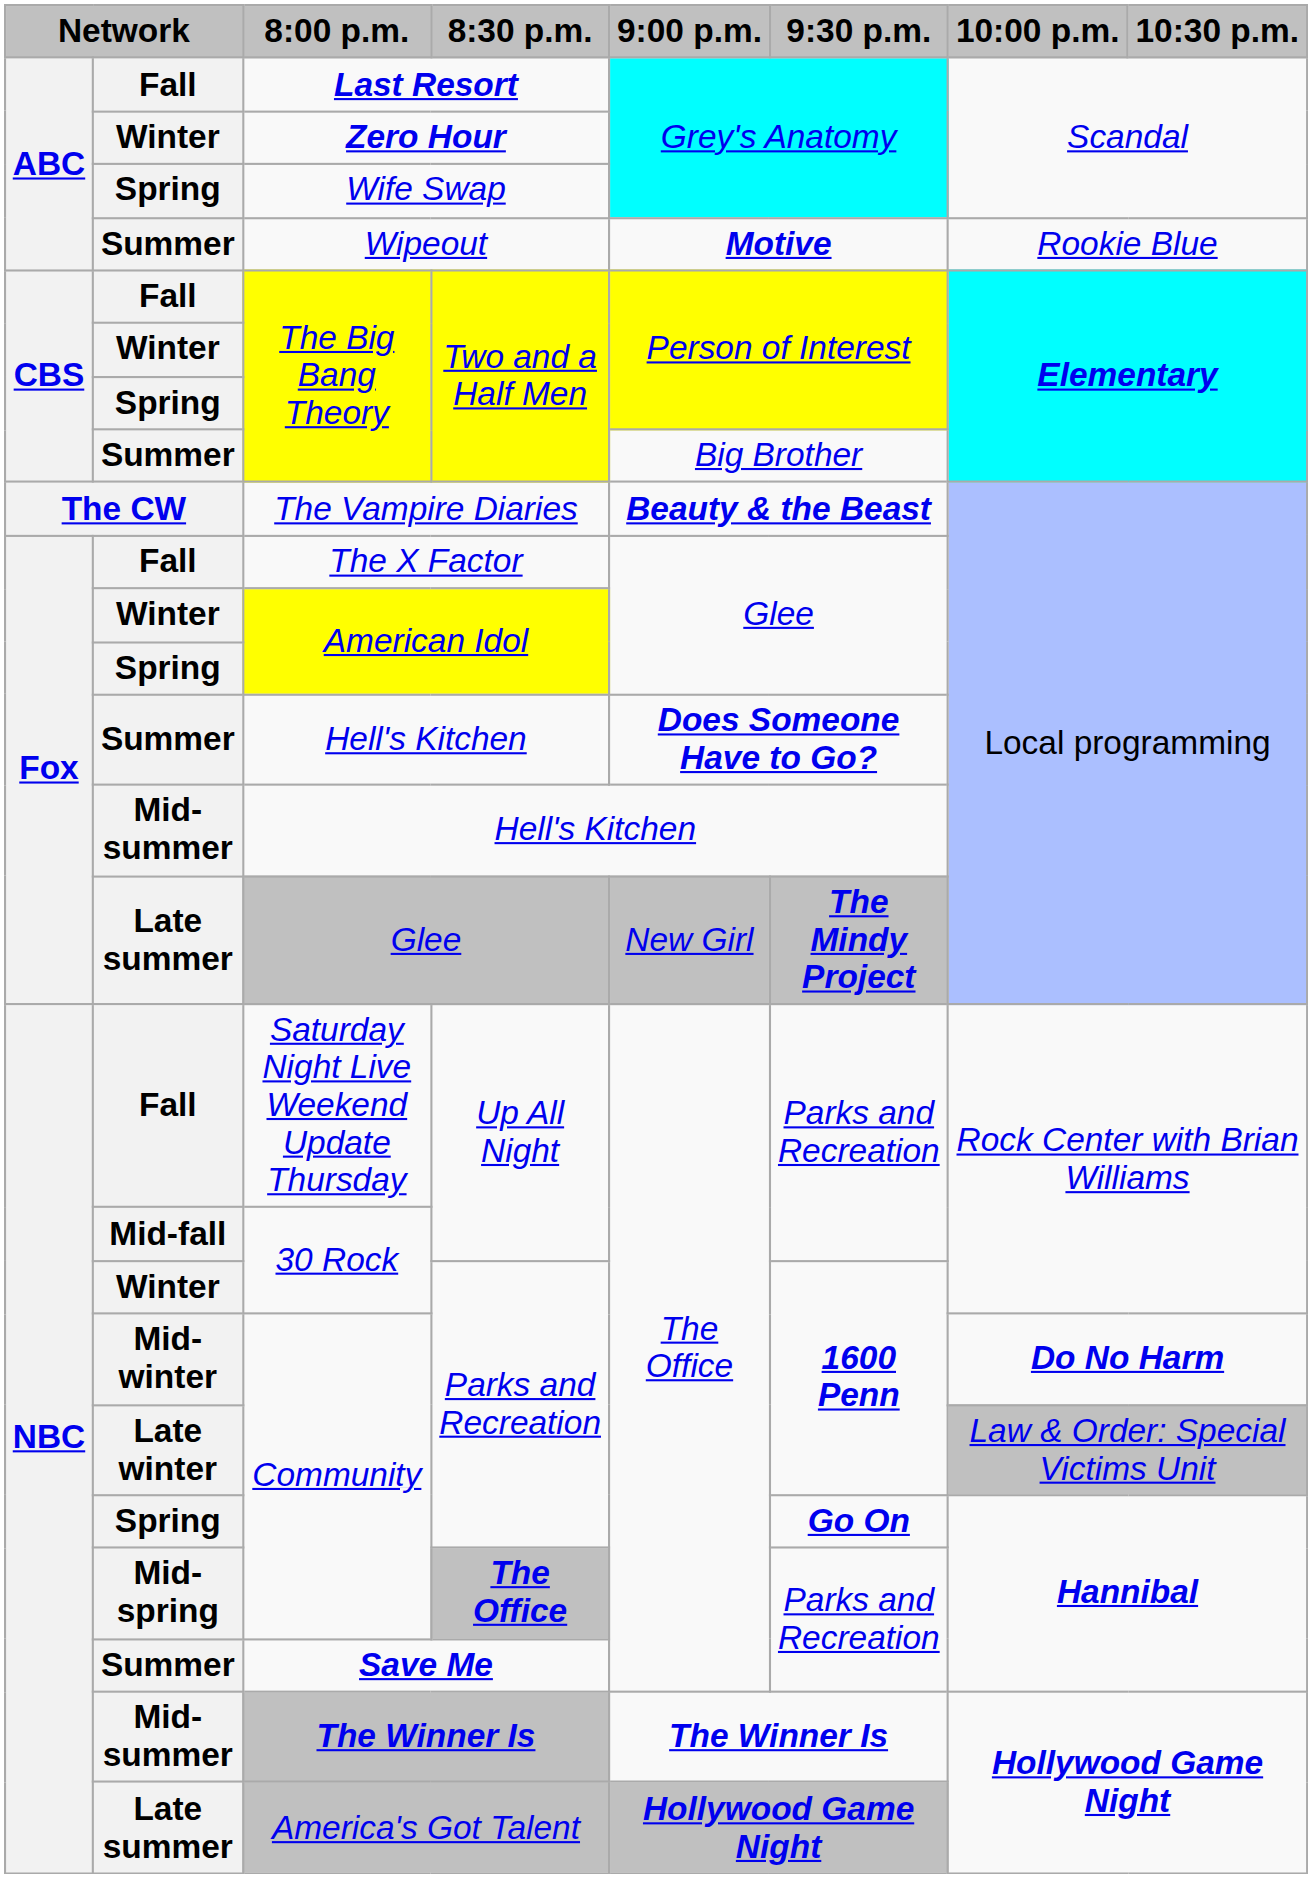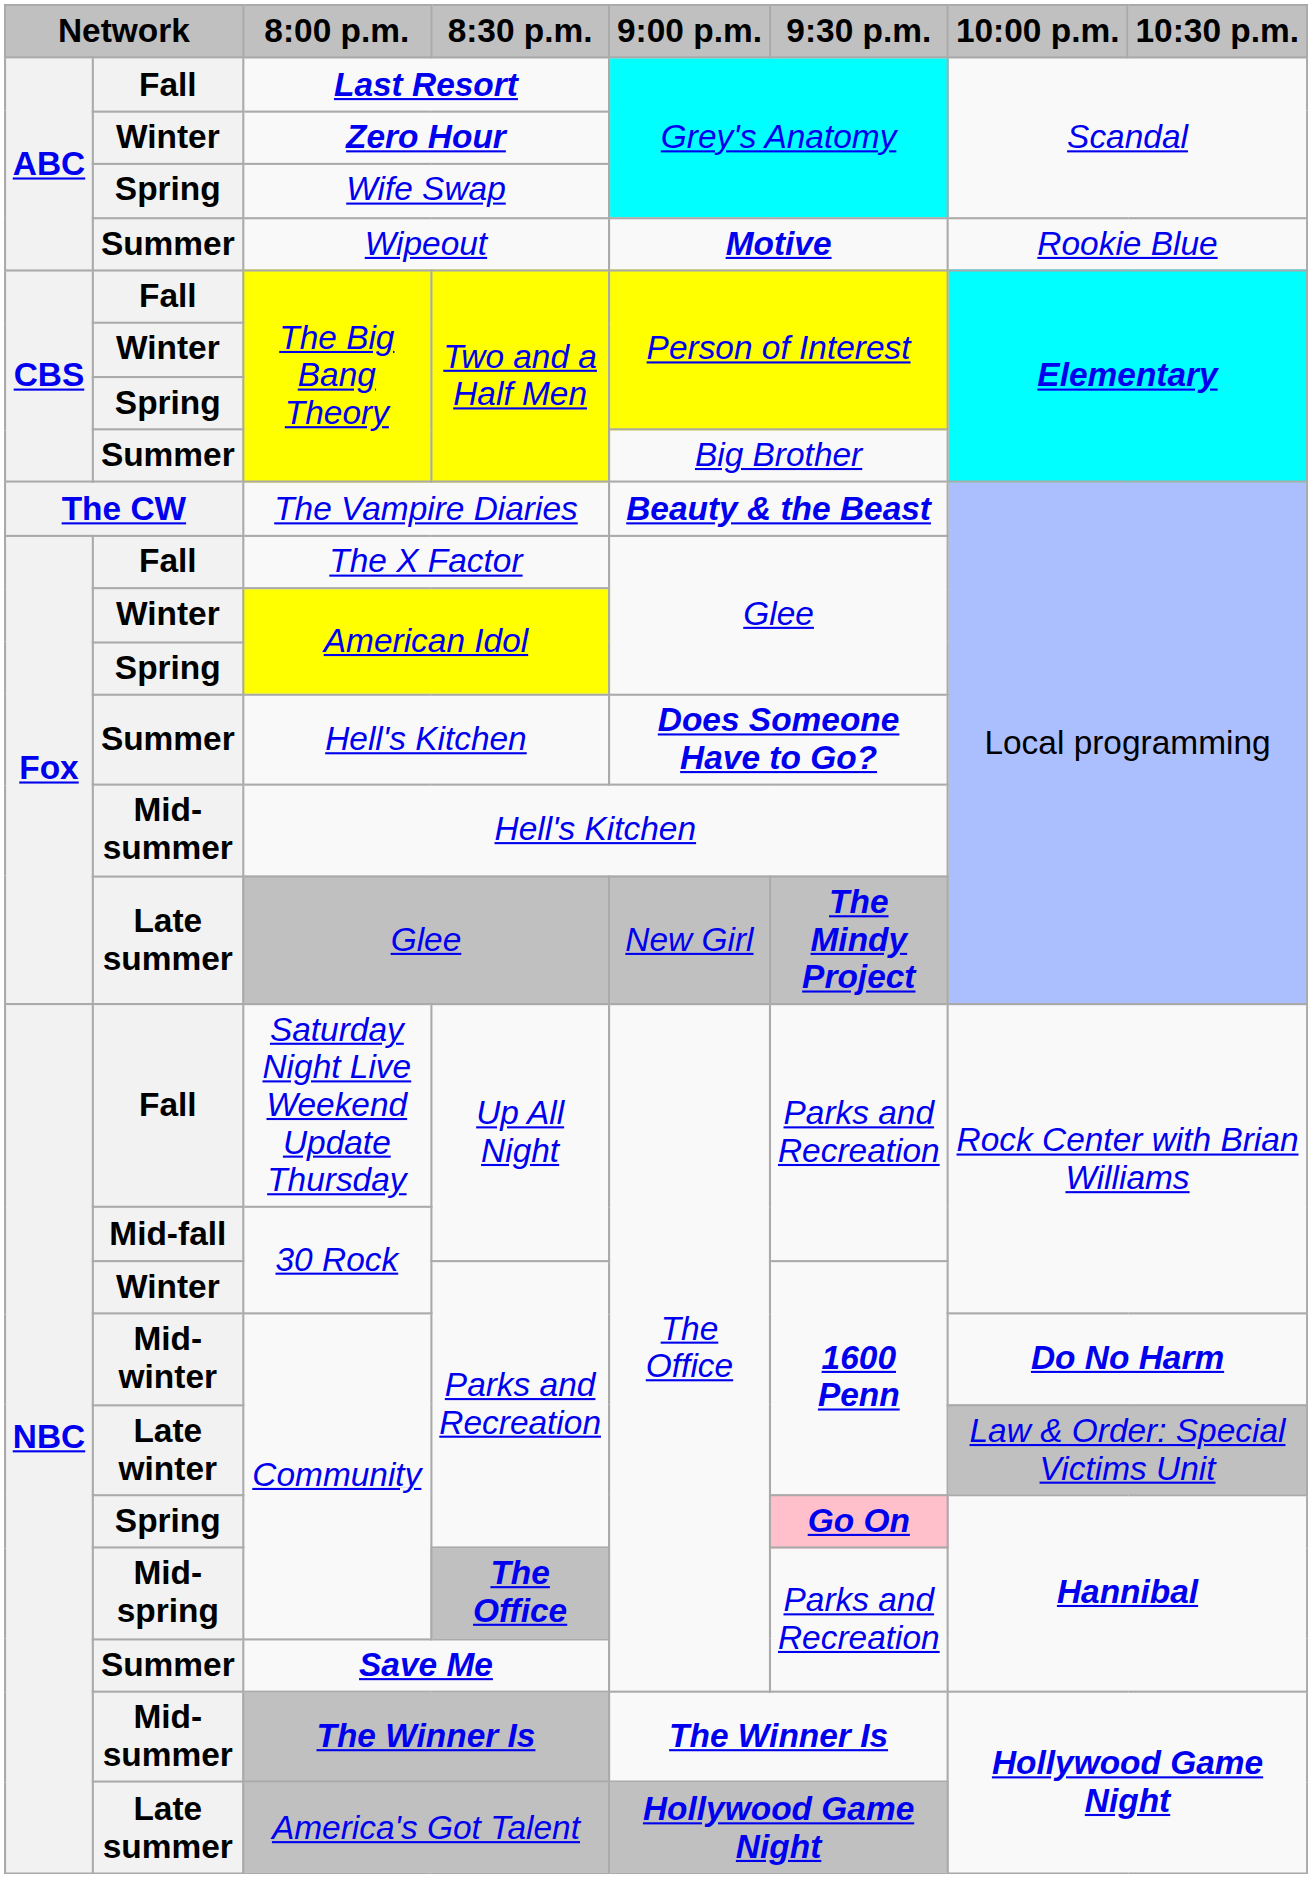 <table class="wikitable" style="width:100%;margin-right:0;text-align:center">
 <tr>
 <th colspan="2" style="background-color:#C0C0C0;text-align:center">Network</th>
 <th style="background-color:#C0C0C0;text-align:center">8:00 p.m.</th>
 <th style="background-color:#C0C0C0;text-align:center">8:30 p.m.</th>
 <th style="background-color:#C0C0C0;text-align:center">9:00 p.m.</th>
 <th style="background-color:#C0C0C0;text-align:center">9:30 p.m.</th>
 <th style="background-color:#C0C0C0;text-align:center">10:00 p.m.</th>
 <th style="background-color:#C0C0C0;text-align:center">10:30 p.m.</th>
 </tr>
 <tr>
 <th rowspan="4"><a href='#'>ABC</a></th>
 <th>Fall</th>
 <td colspan="2"><strong><em><a href='#'>Last Resort</a></em></strong></td>
 <td style="background:#00FFFF;" rowspan="3" colspan="2"><em><a href='#'>Grey's Anatomy</a></em> </td>
 <td rowspan="3" colspan="2"><em><a href='#'>Scandal</a></em></td>
 </tr>
 <tr>
 <th>Winter</th>
 <td colspan="2"><strong><em><a href='#'>Zero Hour</a></em></strong></td>
 </tr>
 <tr>
 <th>Spring</th>
 <td colspan="2"><em><a href='#'>Wife Swap</a></em></td>
 </tr>
 <tr>
 <th>Summer</th>
 <td colspan="2"><em><a href='#'>Wipeout</a></em></td>
 <td colspan="2"><strong><em><a href='#'>Motive</a></em></strong></td>
 <td colspan="2"><em><a href='#'>Rookie Blue</a></em></td>
 </tr>
 <tr>
 <th rowspan="4"><a href='#'>CBS</a></th>
 <th>Fall</th>
 <td style="background:#FFFF00;" rowspan="4"><em><a href='#'>The Big Bang Theory</a></em> </td>
 <td style="background:#FFFF00;" rowspan="4"><em><a href='#'>Two and a Half Men</a></em> </td>
 <td style="background:#FFFF00;" rowspan="3" colspan="2"><em><a href='#'>Person of Interest</a></em> </td>
 <td style="background:#00FFFF;" rowspan="4" colspan="2"><strong><em><a href='#'>Elementary</a></em></strong> </td>
 </tr>
 <tr>
 <th>Winter</th>
 </tr>
 <tr>
 <th>Spring</th>
 </tr>
 <tr>
 <th>Summer</th>
 <td colspan="2"><em><a href='#'>Big Brother</a></em></td>
 </tr>
 <tr>
 <th colspan="2"><a href='#'>The CW</a></th>
 <td colspan="2"><em><a href='#'>The Vampire Diaries</a></em></td>
 <td colspan="2"><strong><em><a href='#'>Beauty & the Beast</a></em></strong></td>
 <td style="background:#abbfff;" colspan="2" rowspan="7">Local programming</td>
 </tr>
 <tr>
 <th rowspan="6"><a href='#'>Fox</a></th>
 <th>Fall</th>
 <td colspan="2"><em><a href='#'>The X Factor</a></em></td>
 <td colspan="2" rowspan="3"><em><a href='#'>Glee</a></em></td>
 </tr>
 <tr>
 <th>Winter</th>
 <td style="background:#FFFF00;" colspan="2" rowspan="2"><em><a href='#'>American Idol</a></em> </td>
 </tr>
 <tr>
 <th>Spring</th>
 </tr>
 <tr>
 <th>Summer</th>
 <td colspan="2"><em><a href='#'>Hell's Kitchen</a></em></td>
 <td colspan="2"><strong><em><a href='#'>Does Someone Have to Go?</a></em></strong></td>
 </tr>
 <tr>
 <th>Mid-summer</th>
 <td colspan="4"><em><a href='#'>Hell's Kitchen</a></em></td>
 </tr>
 <tr>
 <th>Late summer</th>
 <td colspan="2" style="background:#C0C0C0;"><em><a href='#'>Glee</a></em> </td>
 <td style="background:#C0C0C0;"><em><a href='#'>New Girl</a></em> </td>
 <td style="background:#C0C0C0;"><strong><em><a href='#'>The Mindy Project</a></em></strong> </td>
 </tr>
 <tr>
 <th rowspan="10"><a href='#'>NBC</a></th>
 <th>Fall</th>
 <td><em><a href='#'>Saturday Night Live Weekend Update Thursday</a></em></td>
 <td rowspan="2"><em><a href='#'>Up All Night</a></em></td>
 <td rowspan="8"><em><a href='#'>The Office</a></em></td>
 <td rowspan="2"><em><a href='#'>Parks and Recreation</a></em></td>
 <td colspan="2" rowspan="3"><em><a href='#'>Rock Center with Brian Williams</a></em></td>
 </tr>
 <tr>
 <th>Mid-fall</th>
 <td rowspan="2"><em><a href='#'>30 Rock</a></em></td>
 </tr>
 <tr>
 <th>Winter</th>
 <td rowspan="4"><em><a href='#'>Parks and Recreation</a></em></td>
 <td rowspan="3"><strong><em><a href='#'>1600 Penn</a></em></strong></td>
 </tr>
 <tr>
 <th>Mid-winter</th>
 <td rowspan="4"><em><a href='#'>Community</a></em></td>
 <td colspan="2"><strong><em><a href='#'>Do No Harm</a></em></strong></td>
 </tr>
 <tr>
 <th>Late winter</th>
 <td colspan="2" style="background:#C0C0C0;"><em><a href='#'>Law & Order: Special Victims Unit</a></em> </td>
 </tr>
 <tr>
 <th>Spring</th>
-<td rowspan="1"><strong><em><a href='#'>Go On</a></em></strong></td>
+<td rowspan="1" style="background: pink;"><strong><em><a href='#'>Go On</a></em></strong></td>
 <td colspan="2" rowspan="3"><strong><em><a href='#'>Hannibal</a></em></strong></td>
 </tr>
 <tr>
 <th>Mid-spring</th>
 <td style="background:#C0C0C0;"><strong><em><a href='#'>The Office</a></em> </strong></td>
 <td rowspan="2"><em><a href='#'>Parks and Recreation</a></em></td>
 </tr>
 <tr>
 <th>Summer</th>
 <td colspan="2"><strong><em><a href='#'>Save Me</a></em></strong></td>
 </tr>
 <tr>
 <th>Mid-summer</th>
 <td style="background:#C0C0C0;" colspan="2"><strong><em><a href='#'>The Winner Is</a></em></strong> </td>
 <td colspan="2"><strong><em><a href='#'>The Winner Is</a></em></strong></td>
 <td colspan="2" rowspan="2"><strong><em><a href='#'>Hollywood Game Night</a></em></strong></td>
 </tr>
 <tr>
 <th>Late summer</th>
 <td style="background:#C0C0C0;" colspan="2"><em><a href='#'>America's Got Talent</a></em> </td>
 <td style="background:#C0C0C0;" colspan="2"><strong><em><a href='#'>Hollywood Game Night</a></em></strong> </td>
 </tr>
 </table>
